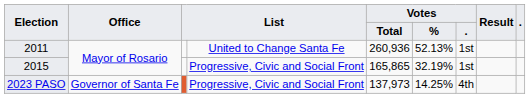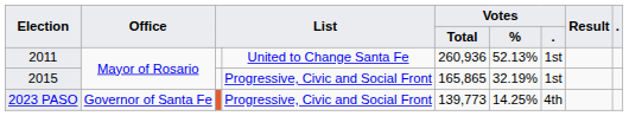 <table class="wikitable" style="font-size:90%; text-align:center;">
 <tr>
 <th style="background-color:#EAECF0;" rowspan=2>Election</th>
 <th style="background-color:#EAECF0;" rowspan=2>Office</th>
 <th style="background-color:#EAECF0;" colspan=2 rowspan=2>List</th>
 <th style="background-color:#EAECF0;" colspan=3>Votes</th>
 <th style="background-color:#EAECF0;" rowspan=2>Result</th>
 <th style="background-color:#EAECF0;" rowspan=2>.</th>
 </tr>
 <tr>
 <th style="background-color:#EAECF0;">Total</th>
 <th style="background-color:#EAECF0;">%</th>
 <th style="background-color:#EAECF0;">.</th>
 </tr>
 <tr>
 <td style="background-color:#EAECF0;">2011</td>
 <td rowspan="2"><a href='#'>Mayor of Rosario</a></td>
 <td style="background-color:"></td>
 <td><a href='#'>United to Change Santa Fe</a></td>
 <td>260,936</td>
 <td>52.13%</td>
 <td>1st</td>
 <td></td>
 <td></td>
 </tr>
 <tr>
 <td style="background-color:#EAECF0;">2015</td>
 <td style="background-color:"></td>
 <td><a href='#'>Progressive, Civic and Social Front</a></td>
 <td>165,865</td>
 <td>32.19%</td>
 <td>1st</td>
 <td></td>
 <td></td>
 </tr>
 <tr>
 <td style="background-color:#EAECF0;"><a href='#'>2023 PASO</a></td>
 <td><a href='#'>Governor of Santa Fe</a></td>
 <td style="background-color:#E05D31;"></td>
 <td><a href='#'>Progressive, Civic and Social Front</a></td>
-<td>137,973</td>
+<td>139,773</td>
 <td>14.25%</td>
 <td>4th</td>
 <td></td>
 <td></td>
 </tr>
 </table>
